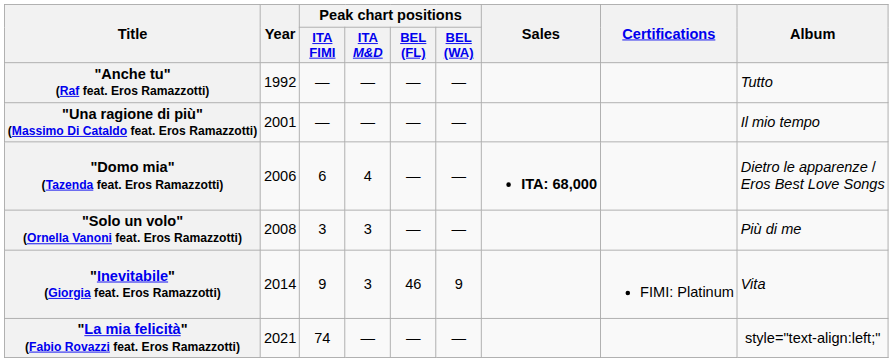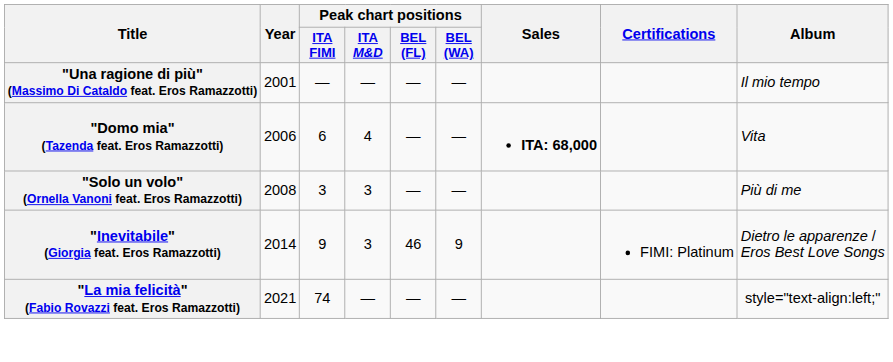 <table class="wikitable plainrowheaders" style="text-align:center;">
 <tr>
 <th scope="col" rowspan="2">Title</th>
 <th scope="col" rowspan="2">Year</th>
 <th scope="col" colspan="4">Peak chart positions</th>
 <th scope="col" rowspan="2">Sales</th>
 <th scope="col" rowspan="2"><a href='#'>Certifications</a></th>
 <th scope="col" rowspan="2">Album</th>
 </tr>
 <tr>
 <th style="width:3em;font-size:90%"><a href='#'>ITA<br>FIMI</a><br></th>
 <th style="width:3em;font-size:90%"><a href='#'>ITA<br><em>M&D</em></a><br></th>
 <th style="width:3em;font-size:90%"><a href='#'>BEL<br>(FL)</a><br></th>
 <th style="width:3em;font-size:90%"><a href='#'>BEL<br>(WA)</a><br></th>
-</tr>
-<tr>
-<th scope="row">"Anche tu"<br><small>(<a href='#'>Raf</a> feat. Eros Ramazzotti)</small></th>
-<td>1992</td>
-<td>—</td>
-<td>—</td>
-<td>—</td>
-<td>—</td>
-<td></td>
-<td style="text-align:left;"></td>
-<td align="left"><em>Tutto</em></td>
 </tr>
 <tr>
 <th scope="row">"Una ragione di più" <br><small>(<a href='#'>Massimo Di Cataldo</a> feat. Eros Ramazzotti)</small></th>
 <td>2001</td>
 <td>—</td>
 <td>—</td>
 <td>—</td>
 <td>—</td>
 <td></td>
 <td style="text-align:left;"></td>
 <td align="left"><em>Il mio tempo</em></td>
 </tr>
 <tr>
 <th scope="row">"Domo mia" <br><small>(<a href='#'>Tazenda</a> feat. Eros Ramazzotti)</small></th>
 <td>2006</td>
 <td>6</td>
 <td>4</td>
 <td>—</td>
 <td>—</td>
 <td><strong><br><ul><li>ITA: 68,000</li></ul></strong></td>
 <td style="text-align:left;"></td>
-<td style="text-align:left;"><em>Dietro le apparenze</em> /<br><em>Eros Best Love Songs</em></td>
+<td align="left"><em>Vita</em></td>
 </tr>
 <tr>
 <th scope="row">"Solo un volo" <br><small>(<a href='#'>Ornella Vanoni</a> feat. Eros Ramazzotti)</small></th>
 <td>2008</td>
 <td>3</td>
 <td>3</td>
 <td>—</td>
 <td>—</td>
 <td></td>
 <td style="text-align:left;"></td>
 <td style="text-align:left;"><em>Più di me</em></td>
 </tr>
 <tr>
 <th scope="row">"<a href='#'>Inevitabile</a>"<br><small>(<a href='#'>Giorgia</a> feat. Eros Ramazzotti)</small></th>
 <td>2014</td>
 <td>9</td>
 <td>3</td>
 <td>46</td>
 <td>9</td>
 <td style="text-align:left;"></td>
 <td><br><ul><li>FIMI: Platinum</li></ul></td>
-<td align="left"><em>Vita</em></td>
+<td style="text-align:left;"><em>Dietro le apparenze</em> /<br><em>Eros Best Love Songs</em></td>
 </tr>
 <tr>
 <th scope="row">"<a href='#'>La mia felicità</a>" <br><small>(<a href='#'>Fabio Rovazzi</a> feat. Eros Ramazzotti)</small></th>
 <td>2021</td>
 <td>74</td>
 <td>—</td>
 <td>—</td>
 <td>—</td>
 <td></td>
 <td style="text-align:left;"></td>
 <td>style="text-align:left;" </td>
 </tr>
 </table>
